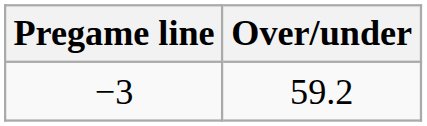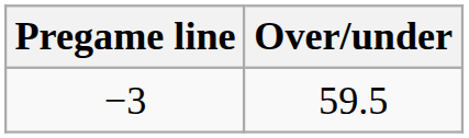 <table class="wikitable" style="margin-left: auto; margin-right: auto; border: none; display: inline-table;">
 <tr align="center">
 <th style=>Pregame line</th>
 <th style=>Over/under</th>
 </tr>
 <tr align="center">
 <td>−3</td>
-<td>59.2</td>
+<td>59.5</td>
 </tr>
 </table>
